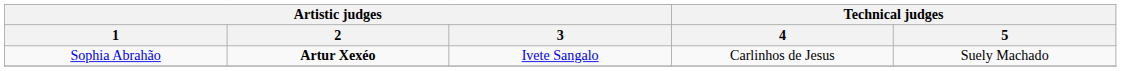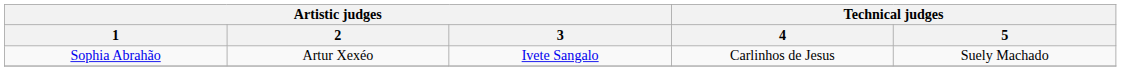 <table class="wikitable" style="font-size:100%; line-height:16px; text-align:center" width="100%">
 <tr>
 <th colspan=3>Artistic judges</th>
 <th colspan=2>Technical judges</th>
 </tr>
 <tr>
 <th style="width:20.0%;">1</th>
 <th style="width:20.0%;">2</th>
 <th style="width:20.0%;">3</th>
 <th style="width:20.0%;">4</th>
 <th style="width:20.0%;">5</th>
 </tr>
 <tr>
 <td><a href='#'>Sophia Abrahão</a></td>
-<td><strong>Artur Xexéo</strong></td>
+<td>Artur Xexéo</td>
 <td><a href='#'>Ivete Sangalo</a></td>
 <td>Carlinhos de Jesus</td>
 <td>Suely Machado</td>
 </tr>
 <tr>
 </tr>
 </table>
